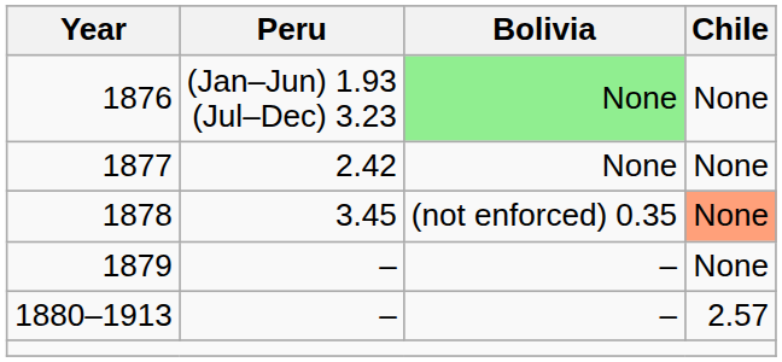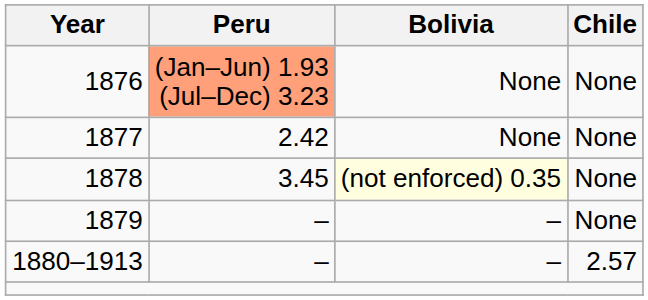 <table class="wikitable plainrowheaders plegable" style="float: right; margin-right: 2em; margin-left: 1em; text-align: right;">
 <tr>
 <th>Year</th>
 <th>Peru</th>
 <th>Bolivia</th>
 <th>Chile</th>
 </tr>
 <tr>
 <td>1876</td>
-<td>(Jan–Jun) 1.93<br>(Jul–Dec) 3.23</td>
-<td style="background: lightgreen;">None</td>
+<td style="background: lightsalmon;">(Jan–Jun) 1.93<br>(Jul–Dec) 3.23</td>
+<td>None</td>
 <td>None</td>
 </tr>
 <tr>
 <td>1877</td>
 <td>2.42</td>
 <td>None</td>
 <td>None</td>
 </tr>
 <tr>
 <td>1878</td>
 <td>3.45</td>
-<td>(not enforced) 0.35</td>
-<td style="background: lightsalmon;">None</td>
+<td style="background: lightyellow;">(not enforced) 0.35</td>
+<td>None</td>
 </tr>
 <tr>
 <td>1879</td>
 <td>–</td>
 <td>–</td>
 <td>None</td>
 </tr>
 <tr>
 <td>1880–1913</td>
 <td>–</td>
 <td>–</td>
 <td>2.57</td>
 </tr>
 <tr>
 <td colspan="4"></td>
 </tr>
 </table>
